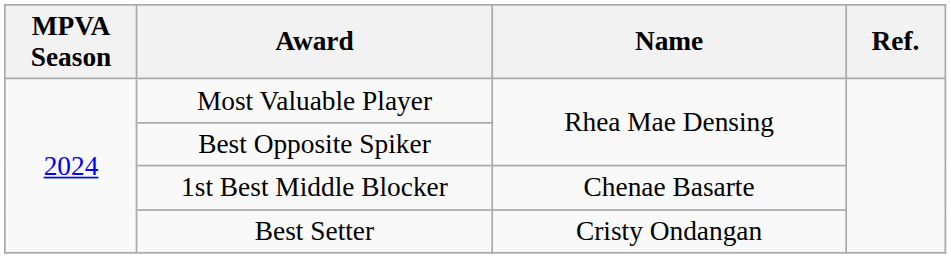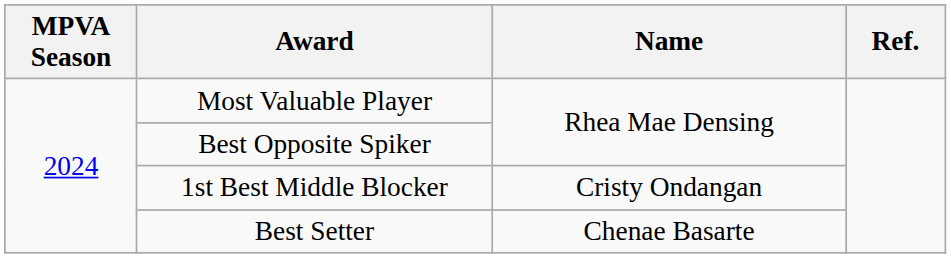 <table class="wikitable">
 <tr>
 <th width=70px>MPVA Season</th>
 <th width=200px>Award</th>
 <th width=200px>Name</th>
 <th width=50px>Ref.</th>
 </tr>
 <tr align=center>
 <td rowspan=4><a href='#'>2024</a></td>
 <td>Most Valuable Player</td>
 <td rowspan=2>Rhea Mae Densing</td>
 <td rowspan=4></td>
 </tr>
 <tr align=center>
 <td>Best Opposite Spiker</td>
 </tr>
 <tr align=center>
 <td>1st Best Middle Blocker</td>
-<td>Chenae Basarte</td>
+<td>Cristy Ondangan</td>
 </tr>
 <tr align=center>
 <td>Best Setter</td>
-<td>Cristy Ondangan</td>
+<td>Chenae Basarte</td>
 </tr>
 </table>
